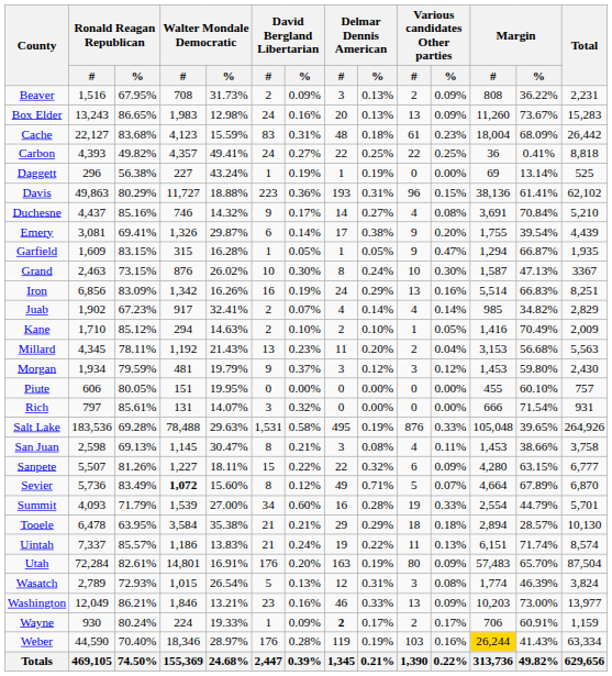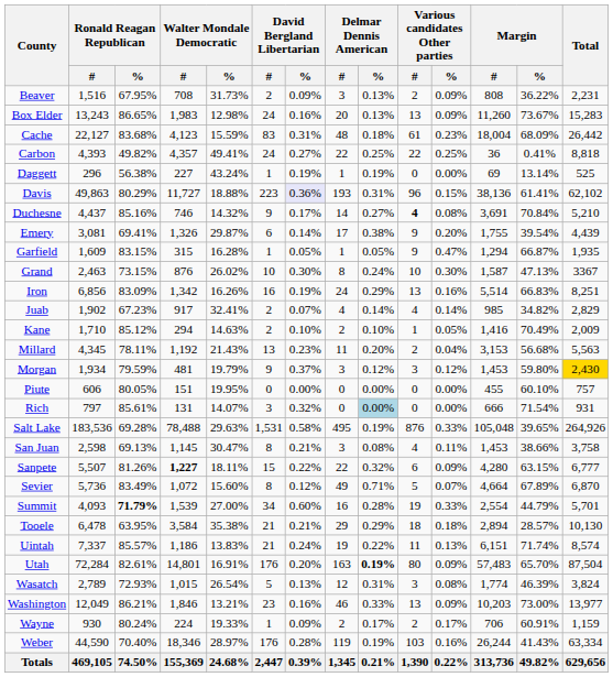 <table width="60%"  class="wikitable sortable" style="text-align:center">
 <tr>
 <th style="text-align:center;" rowspan="2">County</th>
 <th style="text-align:center;" colspan="2">Ronald Reagan<br>Republican</th>
 <th style="text-align:center;" colspan="2">Walter Mondale<br>Democratic</th>
 <th style="text-align:center;" colspan="2">David Bergland<br>Libertarian</th>
 <th style="text-align:center;" colspan="2">Delmar Dennis<br>American</th>
 <th style="text-align:center;" colspan="2">Various candidates<br>Other parties</th>
 <th style="text-align:center;" colspan="2">Margin</th>
 <th style="text-align:center;" rowspan="2">Total</th>
 </tr>
 <tr>
 <th style="text-align:center;" data-sort-type="number">#</th>
 <th style="text-align:center;" data-sort-type="number">%</th>
 <th style="text-align:center;" data-sort-type="number">#</th>
 <th style="text-align:center;" data-sort-type="number">%</th>
 <th style="text-align:center;" data-sort-type="number">#</th>
 <th style="text-align:center;" data-sort-type="number">%</th>
 <th style="text-align:center;" data-sort-type="number">#</th>
 <th style="text-align:center;" data-sort-type="number">%</th>
 <th style="text-align:center;" data-sort-type="number">#</th>
 <th style="text-align:center;" data-sort-type="number">%</th>
 <th style="text-align:center;" data-sort-type="number">#</th>
 <th style="text-align:center;" data-sort-type="number">%</th>
 </tr>
 <tr style="text-align:center;">
 <td><a href='#'>Beaver</a></td>
 <td>1,516</td>
 <td>67.95%</td>
 <td>708</td>
 <td>31.73%</td>
 <td>2</td>
 <td>0.09%</td>
 <td>3</td>
 <td>0.13%</td>
 <td>2</td>
 <td>0.09%</td>
 <td>808</td>
 <td>36.22%</td>
 <td>2,231</td>
 </tr>
 <tr style="text-align:center;">
 <td><a href='#'>Box Elder</a></td>
 <td>13,243</td>
 <td>86.65%</td>
 <td>1,983</td>
 <td>12.98%</td>
 <td>24</td>
 <td>0.16%</td>
 <td>20</td>
 <td>0.13%</td>
 <td>13</td>
 <td>0.09%</td>
 <td>11,260</td>
 <td>73.67%</td>
 <td>15,283</td>
 </tr>
 <tr style="text-align:center;">
 <td><a href='#'>Cache</a></td>
 <td>22,127</td>
 <td>83.68%</td>
 <td>4,123</td>
 <td>15.59%</td>
 <td>83</td>
 <td>0.31%</td>
 <td>48</td>
 <td>0.18%</td>
 <td>61</td>
 <td>0.23%</td>
 <td>18,004</td>
 <td>68.09%</td>
 <td>26,442</td>
 </tr>
 <tr style="text-align:center;">
 <td><a href='#'>Carbon</a></td>
 <td>4,393</td>
 <td>49.82%</td>
 <td>4,357</td>
 <td>49.41%</td>
 <td>24</td>
 <td>0.27%</td>
 <td>22</td>
 <td>0.25%</td>
 <td>22</td>
 <td>0.25%</td>
 <td>36</td>
 <td>0.41%</td>
 <td>8,818</td>
 </tr>
 <tr style="text-align:center;">
 <td><a href='#'>Daggett</a></td>
 <td>296</td>
 <td>56.38%</td>
 <td>227</td>
 <td>43.24%</td>
 <td>1</td>
 <td>0.19%</td>
 <td>1</td>
 <td>0.19%</td>
 <td>0</td>
 <td>0.00%</td>
 <td>69</td>
 <td>13.14%</td>
 <td>525</td>
 </tr>
 <tr style="text-align:center;">
 <td><a href='#'>Davis</a></td>
 <td>49,863</td>
 <td>80.29%</td>
 <td>11,727</td>
 <td>18.88%</td>
 <td>223</td>
-<td>0.36%</td>
+<td style="background: lavender;">0.36%</td>
 <td>193</td>
 <td>0.31%</td>
 <td>96</td>
 <td>0.15%</td>
 <td>38,136</td>
 <td>61.41%</td>
 <td>62,102</td>
 </tr>
 <tr style="text-align:center;">
 <td><a href='#'>Duchesne</a></td>
 <td>4,437</td>
 <td>85.16%</td>
 <td>746</td>
 <td>14.32%</td>
 <td>9</td>
 <td>0.17%</td>
 <td>14</td>
 <td>0.27%</td>
-<td>4</td>
+<td><strong>4</strong></td>
 <td>0.08%</td>
 <td>3,691</td>
 <td>70.84%</td>
 <td>5,210</td>
 </tr>
 <tr style="text-align:center;">
 <td><a href='#'>Emery</a></td>
 <td>3,081</td>
 <td>69.41%</td>
 <td>1,326</td>
 <td>29.87%</td>
 <td>6</td>
 <td>0.14%</td>
 <td>17</td>
 <td>0.38%</td>
 <td>9</td>
 <td>0.20%</td>
 <td>1,755</td>
 <td>39.54%</td>
 <td>4,439</td>
 </tr>
 <tr style="text-align:center;">
 <td><a href='#'>Garfield</a></td>
 <td>1,609</td>
 <td>83.15%</td>
 <td>315</td>
 <td>16.28%</td>
 <td>1</td>
 <td>0.05%</td>
 <td>1</td>
 <td>0.05%</td>
 <td>9</td>
 <td>0.47%</td>
 <td>1,294</td>
 <td>66.87%</td>
 <td>1,935</td>
 </tr>
 <tr style="text-align:center;">
 <td><a href='#'>Grand</a></td>
 <td>2,463</td>
 <td>73.15%</td>
 <td>876</td>
 <td>26.02%</td>
 <td>10</td>
 <td>0.30%</td>
 <td>8</td>
 <td>0.24%</td>
 <td>10</td>
 <td>0.30%</td>
 <td>1,587</td>
 <td>47.13%</td>
 <td>3367</td>
 </tr>
 <tr style="text-align:center;">
 <td><a href='#'>Iron</a></td>
 <td>6,856</td>
 <td>83.09%</td>
 <td>1,342</td>
 <td>16.26%</td>
 <td>16</td>
 <td>0.19%</td>
 <td>24</td>
 <td>0.29%</td>
 <td>13</td>
 <td>0.16%</td>
 <td>5,514</td>
 <td>66.83%</td>
 <td>8,251</td>
 </tr>
 <tr style="text-align:center;">
 <td><a href='#'>Juab</a></td>
 <td>1,902</td>
 <td>67.23%</td>
 <td>917</td>
 <td>32.41%</td>
 <td>2</td>
 <td>0.07%</td>
 <td>4</td>
 <td>0.14%</td>
 <td>4</td>
 <td>0.14%</td>
 <td>985</td>
 <td>34.82%</td>
 <td>2,829</td>
 </tr>
 <tr style="text-align:center;">
 <td><a href='#'>Kane</a></td>
 <td>1,710</td>
 <td>85.12%</td>
 <td>294</td>
 <td>14.63%</td>
 <td>2</td>
 <td>0.10%</td>
 <td>2</td>
 <td>0.10%</td>
 <td>1</td>
 <td>0.05%</td>
 <td>1,416</td>
 <td>70.49%</td>
 <td>2,009</td>
 </tr>
 <tr style="text-align:center;">
 <td><a href='#'>Millard</a></td>
 <td>4,345</td>
 <td>78.11%</td>
 <td>1,192</td>
 <td>21.43%</td>
 <td>13</td>
 <td>0.23%</td>
 <td>11</td>
 <td>0.20%</td>
 <td>2</td>
 <td>0.04%</td>
 <td>3,153</td>
 <td>56.68%</td>
 <td>5,563</td>
 </tr>
 <tr style="text-align:center;">
 <td><a href='#'>Morgan</a></td>
 <td>1,934</td>
 <td>79.59%</td>
 <td>481</td>
 <td>19.79%</td>
 <td>9</td>
 <td>0.37%</td>
 <td>3</td>
 <td>0.12%</td>
 <td>3</td>
 <td>0.12%</td>
 <td>1,453</td>
 <td>59.80%</td>
-<td>2,430</td>
+<td style="background: gold;">2,430</td>
 </tr>
 <tr style="text-align:center;">
 <td><a href='#'>Piute</a></td>
 <td>606</td>
 <td>80.05%</td>
 <td>151</td>
 <td>19.95%</td>
 <td>0</td>
 <td>0.00%</td>
 <td>0</td>
 <td>0.00%</td>
 <td>0</td>
 <td>0.00%</td>
 <td>455</td>
 <td>60.10%</td>
 <td>757</td>
 </tr>
 <tr style="text-align:center;">
 <td><a href='#'>Rich</a></td>
 <td>797</td>
 <td>85.61%</td>
 <td>131</td>
 <td>14.07%</td>
 <td>3</td>
 <td>0.32%</td>
 <td>0</td>
-<td>0.00%</td>
+<td style="background: lightblue;">0.00%</td>
 <td>0</td>
 <td>0.00%</td>
 <td>666</td>
 <td>71.54%</td>
 <td>931</td>
 </tr>
 <tr style="text-align:center;">
 <td><a href='#'>Salt Lake</a></td>
 <td>183,536</td>
 <td>69.28%</td>
 <td>78,488</td>
 <td>29.63%</td>
 <td>1,531</td>
 <td>0.58%</td>
 <td>495</td>
 <td>0.19%</td>
 <td>876</td>
 <td>0.33%</td>
 <td>105,048</td>
 <td>39.65%</td>
 <td>264,926</td>
 </tr>
 <tr style="text-align:center;">
 <td><a href='#'>San Juan</a></td>
 <td>2,598</td>
 <td>69.13%</td>
 <td>1,145</td>
 <td>30.47%</td>
 <td>8</td>
 <td>0.21%</td>
 <td>3</td>
 <td>0.08%</td>
 <td>4</td>
 <td>0.11%</td>
 <td>1,453</td>
 <td>38.66%</td>
 <td>3,758</td>
 </tr>
 <tr style="text-align:center;">
 <td><a href='#'>Sanpete</a></td>
 <td>5,507</td>
 <td>81.26%</td>
-<td>1,227</td>
+<td><strong>1,227</strong></td>
 <td>18.11%</td>
 <td>15</td>
 <td>0.22%</td>
 <td>22</td>
 <td>0.32%</td>
 <td>6</td>
 <td>0.09%</td>
 <td>4,280</td>
 <td>63.15%</td>
 <td>6,777</td>
 </tr>
 <tr style="text-align:center;">
 <td><a href='#'>Sevier</a></td>
 <td>5,736</td>
 <td>83.49%</td>
-<td><strong>1,072</strong></td>
+<td>1,072</td>
 <td>15.60%</td>
 <td>8</td>
 <td>0.12%</td>
 <td>49</td>
 <td>0.71%</td>
 <td>5</td>
 <td>0.07%</td>
 <td>4,664</td>
 <td>67.89%</td>
 <td>6,870</td>
 </tr>
 <tr style="text-align:center;">
 <td><a href='#'>Summit</a></td>
 <td>4,093</td>
-<td>71.79%</td>
+<td><strong>71.79%</strong></td>
 <td>1,539</td>
 <td>27.00%</td>
 <td>34</td>
 <td>0.60%</td>
 <td>16</td>
 <td>0.28%</td>
 <td>19</td>
 <td>0.33%</td>
 <td>2,554</td>
 <td>44.79%</td>
 <td>5,701</td>
 </tr>
 <tr style="text-align:center;">
 <td><a href='#'>Tooele</a></td>
 <td>6,478</td>
 <td>63.95%</td>
 <td>3,584</td>
 <td>35.38%</td>
 <td>21</td>
 <td>0.21%</td>
 <td>29</td>
 <td>0.29%</td>
 <td>18</td>
 <td>0.18%</td>
 <td>2,894</td>
 <td>28.57%</td>
 <td>10,130</td>
 </tr>
 <tr style="text-align:center;">
 <td><a href='#'>Uintah</a></td>
 <td>7,337</td>
 <td>85.57%</td>
 <td>1,186</td>
 <td>13.83%</td>
 <td>21</td>
 <td>0.24%</td>
 <td>19</td>
 <td>0.22%</td>
 <td>11</td>
 <td>0.13%</td>
 <td>6,151</td>
 <td>71.74%</td>
 <td>8,574</td>
 </tr>
 <tr style="text-align:center;">
 <td><a href='#'>Utah</a></td>
 <td>72,284</td>
 <td>82.61%</td>
 <td>14,801</td>
 <td>16.91%</td>
 <td>176</td>
 <td>0.20%</td>
 <td>163</td>
-<td>0.19%</td>
+<td><strong>0.19%</strong></td>
 <td>80</td>
 <td>0.09%</td>
 <td>57,483</td>
 <td>65.70%</td>
 <td>87,504</td>
 </tr>
 <tr style="text-align:center;">
 <td><a href='#'>Wasatch</a></td>
 <td>2,789</td>
 <td>72.93%</td>
 <td>1,015</td>
 <td>26.54%</td>
 <td>5</td>
 <td>0.13%</td>
 <td>12</td>
 <td>0.31%</td>
 <td>3</td>
 <td>0.08%</td>
 <td>1,774</td>
 <td>46.39%</td>
 <td>3,824</td>
 </tr>
 <tr style="text-align:center;">
 <td><a href='#'>Washington</a></td>
 <td>12,049</td>
 <td>86.21%</td>
 <td>1,846</td>
 <td>13.21%</td>
 <td>23</td>
 <td>0.16%</td>
 <td>46</td>
 <td>0.33%</td>
 <td>13</td>
 <td>0.09%</td>
 <td>10,203</td>
 <td>73.00%</td>
 <td>13,977</td>
 </tr>
 <tr style="text-align:center;">
 <td><a href='#'>Wayne</a></td>
 <td>930</td>
 <td>80.24%</td>
 <td>224</td>
 <td>19.33%</td>
 <td>1</td>
 <td>0.09%</td>
-<td><strong>2</strong></td>
+<td>2</td>
 <td>0.17%</td>
 <td>2</td>
 <td>0.17%</td>
 <td>706</td>
 <td>60.91%</td>
 <td>1,159</td>
 </tr>
 <tr style="text-align:center;">
 <td><a href='#'>Weber</a></td>
 <td>44,590</td>
 <td>70.40%</td>
 <td>18,346</td>
 <td>28.97%</td>
 <td>176</td>
 <td>0.28%</td>
 <td>119</td>
 <td>0.19%</td>
 <td>103</td>
 <td>0.16%</td>
-<td style="background: gold;">26,244</td>
+<td>26,244</td>
 <td>41.43%</td>
 <td>63,334</td>
 </tr>
 <tr style="text-align:center;">
 <th>Totals</th>
 <th>469,105</th>
 <th>74.50%</th>
 <th>155,369</th>
 <th>24.68%</th>
 <th>2,447</th>
 <th>0.39%</th>
 <th>1,345</th>
 <th>0.21%</th>
 <th>1,390</th>
 <th>0.22%</th>
 <th>313,736</th>
 <th>49.82%</th>
 <th>629,656</th>
 </tr>
 </table>
